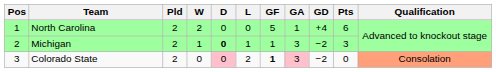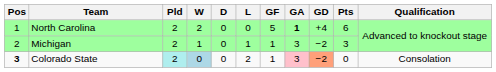 <table class="wikitable" style="text-align:center; margin: 1em auto">
 <tr>
 <th style="width:2em">Pos</th>
 <th style="width:13em">Team</th>
 <th style="width:2em">Pld</th>
 <th style="width:2em">W</th>
 <th style="width:2em">D</th>
 <th style="width:2em">L</th>
 <th style="width:2em">GF</th>
 <th style="width:2em">GA</th>
 <th style="width:2em">GD</th>
 <th style="width:2em">Pts</th>
 <th style="width:13em">Qualification</th>
 </tr>
 <tr bgcolor="#9eff9e">
 <td>1</td>
 <td style="text-align:left">North Carolina</td>
 <td>2</td>
 <td>2</td>
 <td>0</td>
 <td>0</td>
 <td>5</td>
-<td>1</td>
+<td><strong>1</strong></td>
 <td>+4</td>
 <td>6</td>
 <td rowspan="2">Advanced to knockout stage</td>
 </tr>
 <tr bgcolor="#9eff9e">
 <td>2</td>
 <td style="text-align:left">Michigan</td>
 <td>2</td>
 <td>1</td>
-<td><strong>0</strong></td>
+<td>0</td>
 <td>1</td>
 <td>1</td>
 <td>3</td>
 <td>−2</td>
 <td>3</td>
 </tr>
 <tr>
-<td>3</td>
+<td><strong>3</strong></td>
 <td style="text-align:left">Colorado State</td>
+<td style="background: paleturquoise;">2</td>
+<td style="background: lightblue;">0</td>
+<td>0</td>
 <td>2</td>
+<td>1</td>
+<td style="background: pink;">3</td>
+<td style="background: lightsalmon;">−2</td>
 <td>0</td>
-<td style="background: pink;">0</td>
-<td>2</td>
-<td><strong>1</strong></td>
-<td style="background: pink;">3</td>
-<td>−2</td>
-<td>0</td>
-<td style="background: lightsalmon;">Consolation</td>
+<td>Consolation</td>
 </tr>
 </table>
